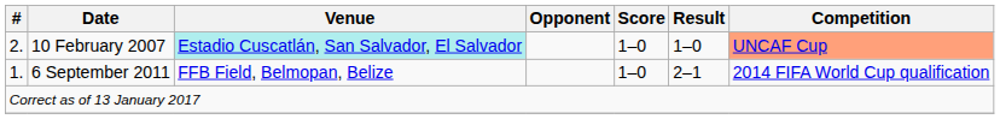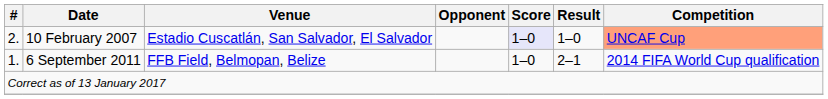 <table class="wikitable">
 <tr>
 <th>#</th>
 <th>Date</th>
 <th>Venue</th>
 <th>Opponent</th>
 <th>Score</th>
 <th>Result</th>
 <th>Competition</th>
 </tr>
 <tr>
 <td>2.</td>
 <td>10 February 2007</td>
-<td style="background: paleturquoise;"><a href='#'>Estadio Cuscatlán</a>, <a href='#'>San Salvador</a>, <a href='#'>El Salvador</a></td>
+<td><a href='#'>Estadio Cuscatlán</a>, <a href='#'>San Salvador</a>, <a href='#'>El Salvador</a></td>
 <td></td>
-<td>1–0</td>
+<td style="background: lavender;">1–0</td>
 <td>1–0</td>
 <td style="background: lightsalmon;"><a href='#'>UNCAF Cup</a></td>
 </tr>
 <tr>
 <td>1.</td>
 <td>6 September 2011</td>
 <td><a href='#'>FFB Field</a>, <a href='#'>Belmopan</a>, <a href='#'>Belize</a></td>
 <td></td>
 <td>1–0</td>
 <td>2–1</td>
 <td><a href='#'>2014 FIFA World Cup qualification</a></td>
 </tr>
 <tr>
 <td colspan="12"><small><em>Correct as of 13 January 2017</em></small></td>
 </tr>
 <tr>
 </tr>
 </table>
